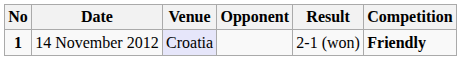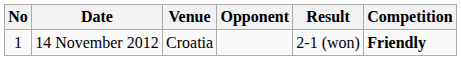 <table class="wikitable">
 <tr>
 <th>No</th>
 <th>Date</th>
 <th>Venue</th>
 <th>Opponent</th>
 <th>Result</th>
 <th>Competition</th>
 </tr>
 <tr>
-<td align=center><strong>1</strong></td>
+<td align=center>1</td>
 <td>14 November 2012</td>
-<td style="background: lavender;">Croatia</td>
+<td>Croatia</td>
 <td></td>
 <td align="center">2-1 (won)</td>
 <td><strong>Friendly</strong></td>
 </tr>
 <tr>
 </tr>
 </table>
